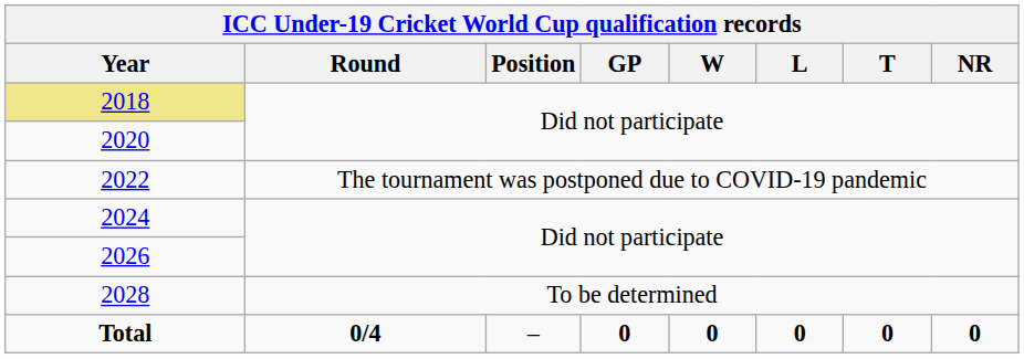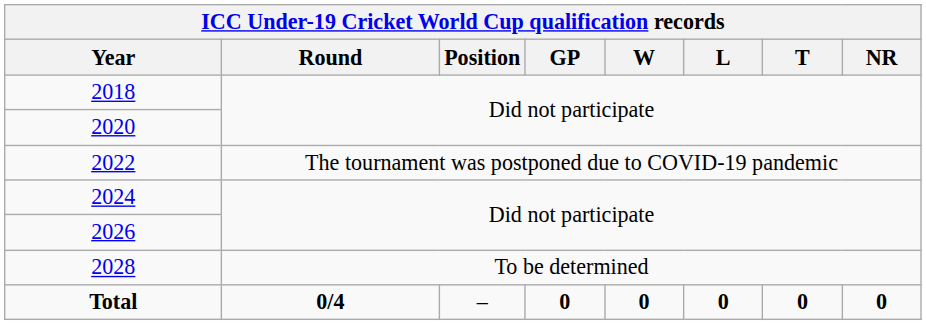 <table class="wikitable" style="text-align: center; width=900px;">
 <tr>
 <th colspan=9><a href='#'>ICC Under-19 Cricket World Cup qualification</a> records</th>
 </tr>
 <tr>
 <th width=150>Year</th>
 <th width=150>Round</th>
 <th width=50>Position</th>
 <th width=50>GP</th>
 <th width=50>W</th>
 <th width=50>L</th>
 <th width=50>T</th>
 <th width=50>NR</th>
 </tr>
 <tr>
-<td style="background: khaki;"> <a href='#'>2018</a></td>
+<td> <a href='#'>2018</a></td>
 <td colspan=8 rowspan=2>Did not participate</td>
 </tr>
 <tr>
 <td> <a href='#'>2020</a></td>
 </tr>
 <tr>
 <td> <a href='#'>2022</a></td>
 <td colspan=8>The tournament was postponed due to COVID-19 pandemic</td>
 </tr>
 <tr>
 <td> <a href='#'>2024</a></td>
 <td colspan=8 rowspan=2>Did not participate</td>
 </tr>
 <tr>
 <td> <a href='#'>2026</a></td>
 </tr>
 <tr>
 <td> <a href='#'>2028</a></td>
 <td rowspan=1 colspan=8>To be determined</td>
 </tr>
 <tr>
 <td><strong>Total</strong></td>
 <td><strong>0/4</strong></td>
 <td>–</td>
 <td><strong>0</strong></td>
 <td><strong>0</strong></td>
 <td><strong>0</strong></td>
 <td><strong>0</strong></td>
 <td><strong>0</strong></td>
 </tr>
 </table>
